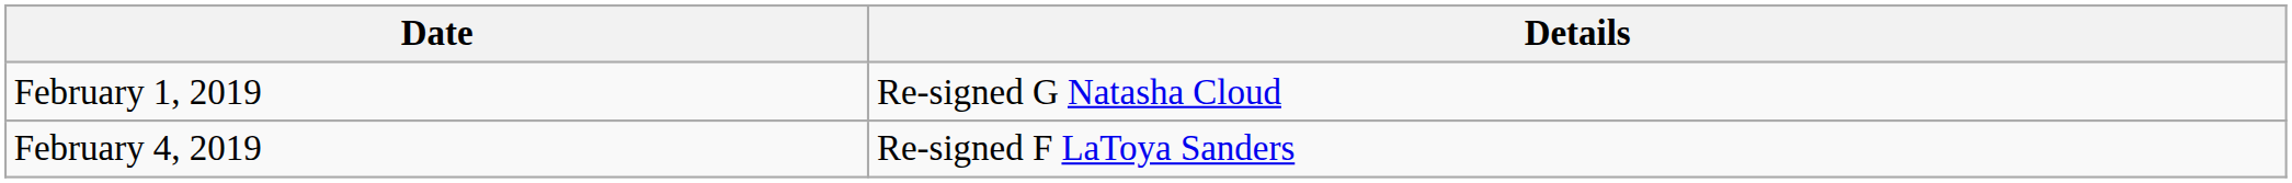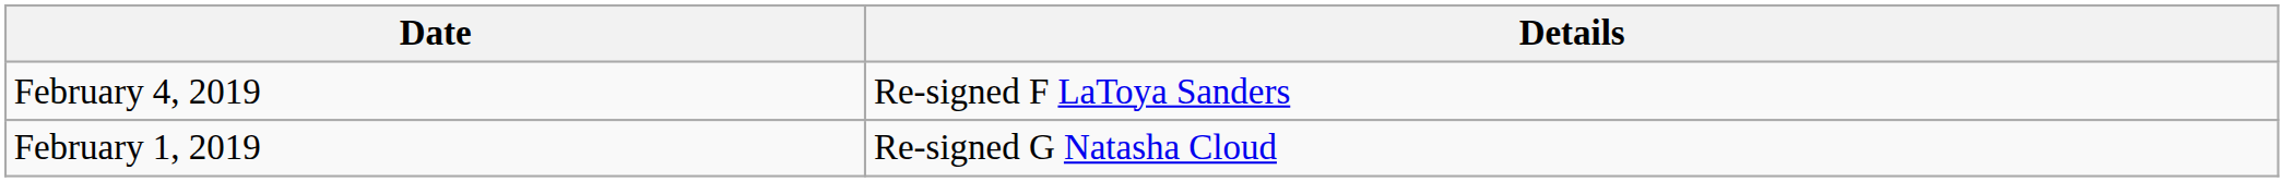 <table class="wikitable" style="width:80%">
 <tr>
 <th>Date</th>
 <th>Details</th>
 </tr>
 <tr>
+<td>February 4, 2019</td>
+<td>Re-signed F <a href='#'>LaToya Sanders</a></td>
+</tr>
+<tr>
 <td>February 1, 2019</td>
 <td>Re-signed G <a href='#'>Natasha Cloud</a></td>
 </tr>
-<tr>
-<td>February 4, 2019</td>
-<td>Re-signed F <a href='#'>LaToya Sanders</a></td>
-</tr>
 </table>
